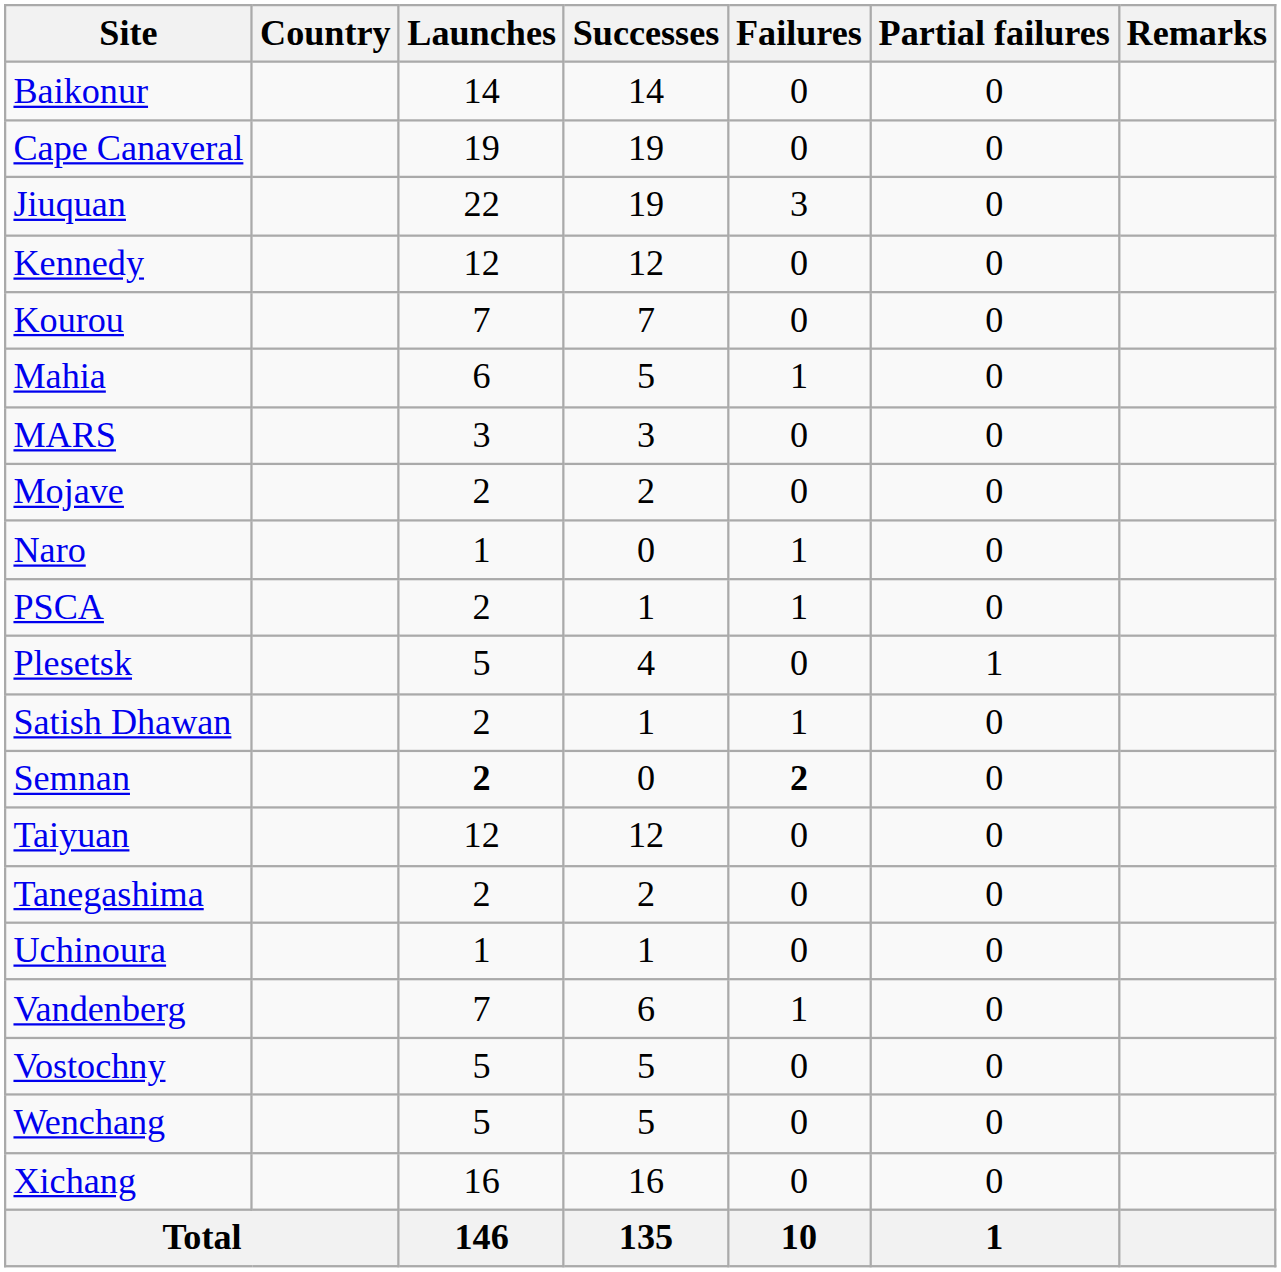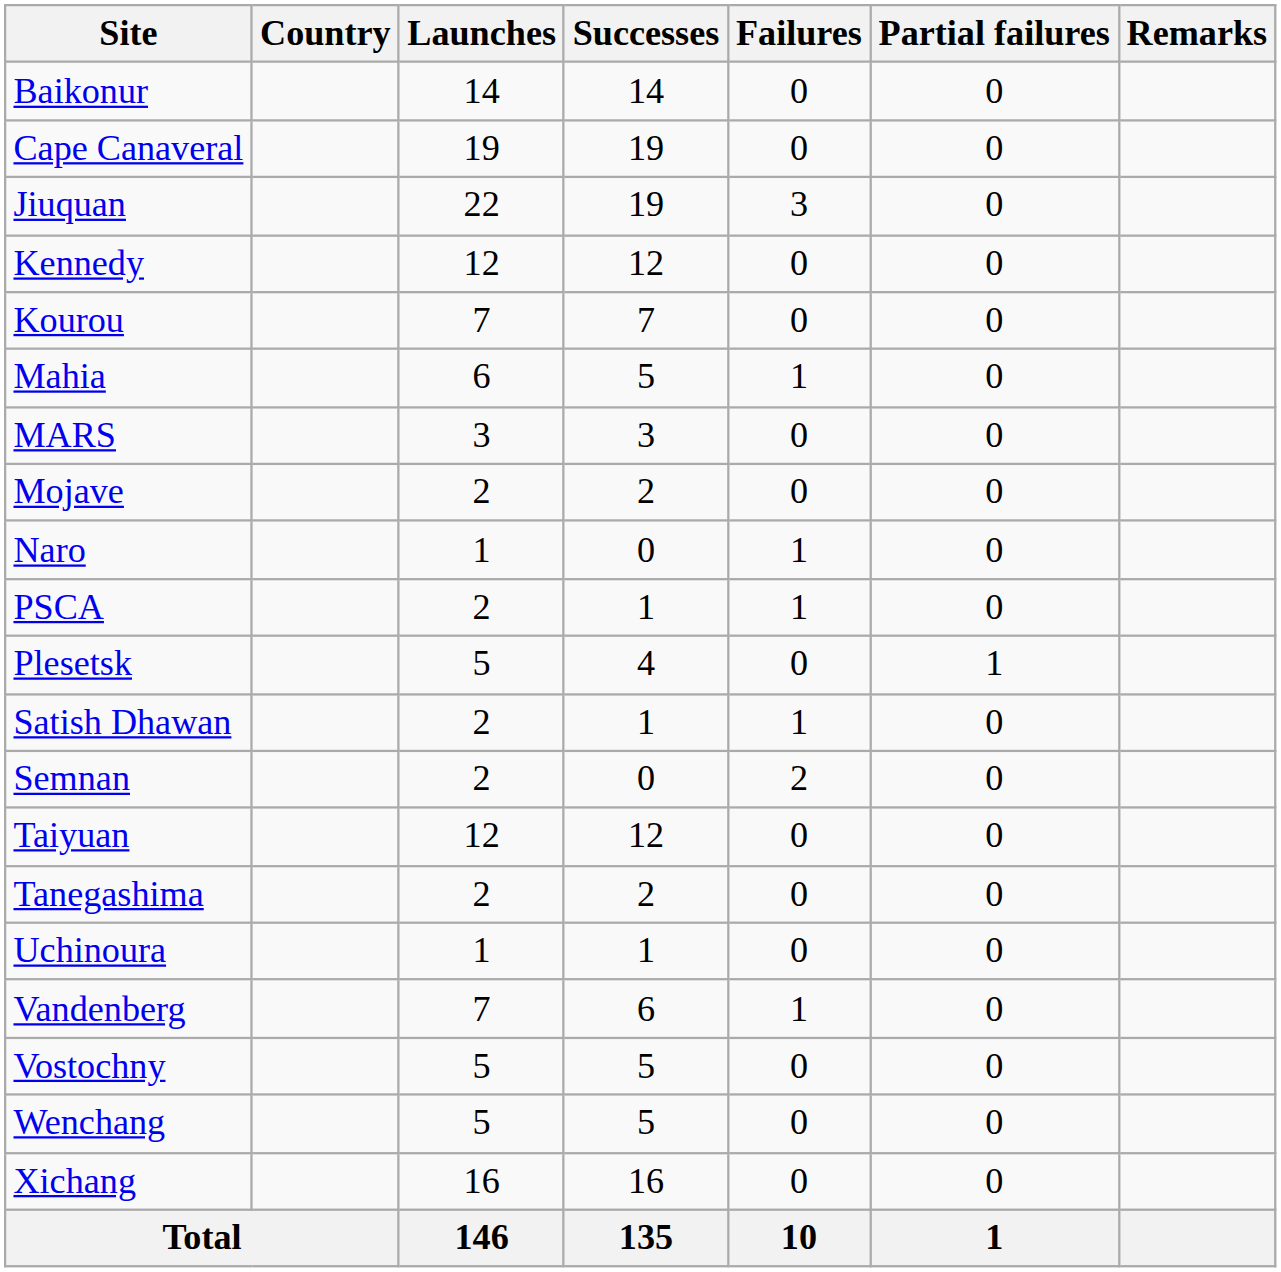 <table class="wikitable sortable" style=text-align:center>
 <tr>
 <th>Site</th>
 <th>Country</th>
 <th>Launches</th>
 <th>Successes</th>
 <th>Failures</th>
 <th>Partial failures</th>
 <th>Remarks</th>
 </tr>
 <tr>
 <td align=left><a href='#'>Baikonur</a></td>
 <td align=left></td>
 <td>14</td>
 <td>14</td>
 <td>0</td>
 <td>0</td>
 <td></td>
 </tr>
 <tr>
 <td align=left><a href='#'>Cape Canaveral</a></td>
 <td align=left></td>
 <td>19</td>
 <td>19</td>
 <td>0</td>
 <td>0</td>
 <td></td>
 </tr>
 <tr>
 <td align=left><a href='#'>Jiuquan</a></td>
 <td align=left></td>
 <td>22</td>
 <td>19</td>
 <td>3</td>
 <td>0</td>
 <td></td>
 </tr>
 <tr>
 <td align=left><a href='#'>Kennedy</a></td>
 <td align=left></td>
 <td>12</td>
 <td>12</td>
 <td>0</td>
 <td>0</td>
 <td></td>
 </tr>
 <tr>
 <td align=left><a href='#'>Kourou</a></td>
 <td align=left></td>
 <td>7</td>
 <td>7</td>
 <td>0</td>
 <td>0</td>
 <td></td>
 </tr>
 <tr>
 <td align=left><a href='#'>Mahia</a></td>
 <td align=left></td>
 <td>6</td>
 <td>5</td>
 <td>1</td>
 <td>0</td>
 <td></td>
 </tr>
 <tr>
 <td align=left><a href='#'>MARS</a></td>
 <td align=left></td>
 <td>3</td>
 <td>3</td>
 <td>0</td>
 <td>0</td>
 <td></td>
 </tr>
 <tr>
 <td align=left><a href='#'>Mojave</a></td>
 <td align=left></td>
 <td>2</td>
 <td>2</td>
 <td>0</td>
 <td>0</td>
 <td></td>
 </tr>
 <tr>
 <td align=left><a href='#'>Naro</a></td>
 <td align=left></td>
 <td>1</td>
 <td>0</td>
 <td>1</td>
 <td>0</td>
 <td></td>
 </tr>
 <tr>
 <td align=left><a href='#'>PSCA</a></td>
 <td align=left></td>
 <td>2</td>
 <td>1</td>
 <td>1</td>
 <td>0</td>
 <td></td>
 </tr>
 <tr>
 <td align=left><a href='#'>Plesetsk</a></td>
 <td align=left></td>
 <td>5</td>
 <td>4</td>
 <td>0</td>
 <td>1</td>
 <td></td>
 </tr>
 <tr>
 <td align=left><a href='#'>Satish Dhawan</a></td>
 <td align=left></td>
 <td>2</td>
 <td>1</td>
 <td>1</td>
 <td>0</td>
 <td></td>
 </tr>
 <tr>
 <td align=left><a href='#'>Semnan</a></td>
 <td align=left></td>
-<td><strong>2</strong></td>
+<td>2</td>
 <td>0</td>
-<td><strong>2</strong></td>
+<td>2</td>
 <td>0</td>
 <td></td>
 </tr>
 <tr>
 <td align=left><a href='#'>Taiyuan</a></td>
 <td align=left></td>
 <td>12</td>
 <td>12</td>
 <td>0</td>
 <td>0</td>
 <td></td>
 </tr>
 <tr>
 <td align=left><a href='#'>Tanegashima</a></td>
 <td align=left></td>
 <td>2</td>
 <td>2</td>
 <td>0</td>
 <td>0</td>
 <td></td>
 </tr>
 <tr>
 <td align=left><a href='#'>Uchinoura</a></td>
 <td align=left></td>
 <td>1</td>
 <td>1</td>
 <td>0</td>
 <td>0</td>
 <td></td>
 </tr>
 <tr>
 <td align=left><a href='#'>Vandenberg</a></td>
 <td align=left></td>
 <td>7</td>
 <td>6</td>
 <td>1</td>
 <td>0</td>
 <td></td>
 </tr>
 <tr>
 <td align=left><a href='#'>Vostochny</a></td>
 <td align=left></td>
 <td>5</td>
 <td>5</td>
 <td>0</td>
 <td>0</td>
 <td></td>
 </tr>
 <tr>
 <td align=left><a href='#'>Wenchang</a></td>
 <td align=left></td>
 <td>5</td>
 <td>5</td>
 <td>0</td>
 <td>0</td>
 <td></td>
 </tr>
 <tr>
 <td align=left><a href='#'>Xichang</a></td>
 <td align=left></td>
 <td>16</td>
 <td>16</td>
 <td>0</td>
 <td>0</td>
 <td></td>
 </tr>
 <tr class="sortbottom">
 <th colspan=2>Total</th>
 <th>146</th>
 <th>135</th>
 <th>10</th>
 <th>1</th>
 <th></th>
 </tr>
 </table>
